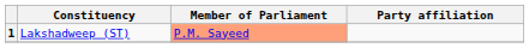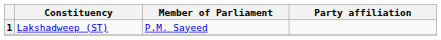 <table class="wikitable sortable">
 <tr style="text-align:center;">
 <th></th>
 <th style="width:13em">Constituency</th>
 <th style="width:15em">Member of Parliament</th>
 <th colspan="2" style="width:15em">Party affiliation</th>
 </tr>
 <tr>
 <th>1</th>
 <td><a href='#'>Lakshadweep (ST)</a></td>
-<td style="background: lightsalmon;"><a href='#'>P.M. Sayeed</a></td>
+<td><a href='#'>P.M. Sayeed</a></td>
 <td></td>
 </tr>
 <tr>
 </tr>
 </table>
